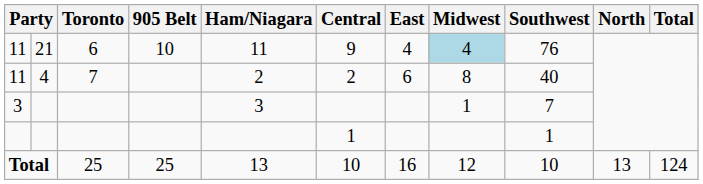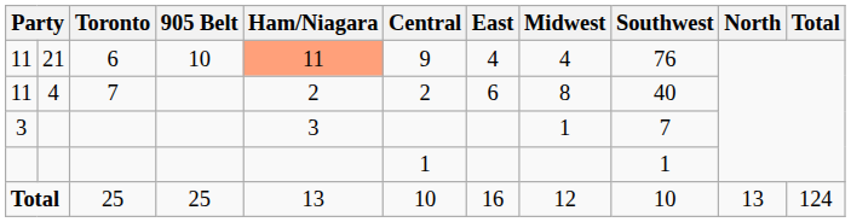 <table class="wikitable" style="text-align:right">
 <tr>
 <th colspan="2">Party</th>
 <th>Toronto</th>
 <th>905 Belt</th>
 <th>Ham/Niagara</th>
 <th>Central</th>
 <th>East</th>
 <th>Midwest</th>
 <th>Southwest</th>
 <th>North</th>
 <th>Total</th>
 </tr>
 <tr>
 <td align="center">11</td>
 <td align="center">21</td>
 <td align="center">6</td>
 <td align="center">10</td>
-<td align="center">11</td>
+<td align="center" style="background: lightsalmon;">11</td>
 <td align="center">9</td>
 <td align="center">4</td>
-<td align="center" style="background: lightblue;">4</td>
+<td align="center">4</td>
 <td align="center">76</td>
 </tr>
 <tr>
 <td align="center">11</td>
 <td align="center">4</td>
 <td align="center">7</td>
 <td> </td>
 <td align="center">2</td>
 <td align="center">2</td>
 <td align="center">6</td>
 <td align="center">8</td>
 <td align="center">40</td>
 </tr>
 <tr>
 <td align="center">3</td>
 <td> </td>
 <td> </td>
 <td> </td>
 <td align="center">3</td>
 <td> </td>
 <td> </td>
 <td align="center">1</td>
 <td align="center">7</td>
 </tr>
 <tr>
 <td> </td>
 <td> </td>
 <td> </td>
 <td> </td>
 <td> </td>
 <td align="center">1</td>
 <td> </td>
 <td> </td>
 <td align="center">1</td>
 </tr>
 <tr>
 <td colspan=2 align="left"><strong>Total</strong></td>
 <td align="center">25</td>
 <td align="center">25</td>
 <td align="center">13</td>
 <td align="center">10</td>
 <td align="center">16</td>
 <td align="center">12</td>
 <td align="center">10</td>
 <td align="center">13</td>
 <td align="center">124</td>
 </tr>
 </table>
